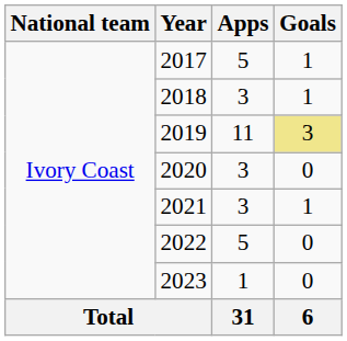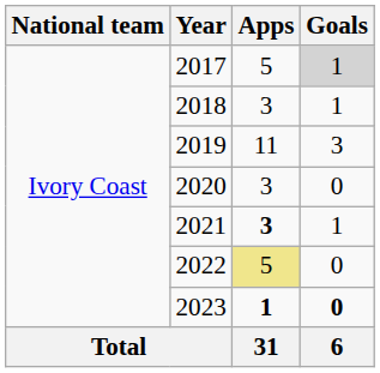 <table class="wikitable" style="text-align:center">
 <tr>
 <th>National team</th>
 <th>Year</th>
 <th>Apps</th>
 <th>Goals</th>
 </tr>
 <tr>
 <td rowspan="7"><a href='#'>Ivory Coast</a></td>
 <td>2017</td>
 <td>5</td>
-<td>1</td>
+<td style="background: lightgrey;">1</td>
 </tr>
 <tr>
 <td>2018</td>
 <td>3</td>
 <td>1</td>
 </tr>
 <tr>
 <td>2019</td>
 <td>11</td>
-<td style="background: khaki;">3</td>
+<td>3</td>
 </tr>
 <tr>
 <td>2020</td>
 <td>3</td>
 <td>0</td>
 </tr>
 <tr>
 <td>2021</td>
-<td>3</td>
+<td><strong>3</strong></td>
 <td>1</td>
 </tr>
 <tr>
 <td>2022</td>
-<td>5</td>
+<td style="background: khaki;">5</td>
 <td>0</td>
 </tr>
 <tr>
 <td>2023</td>
-<td>1</td>
-<td>0</td>
+<td><strong>1</strong></td>
+<td><strong>0</strong></td>
 </tr>
 <tr>
 <th colspan="2">Total</th>
 <th>31</th>
 <th>6</th>
 </tr>
 </table>
